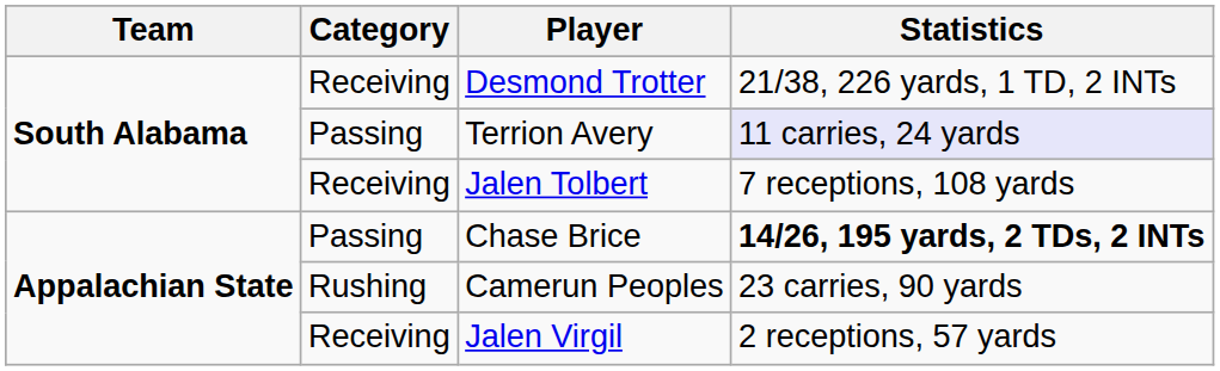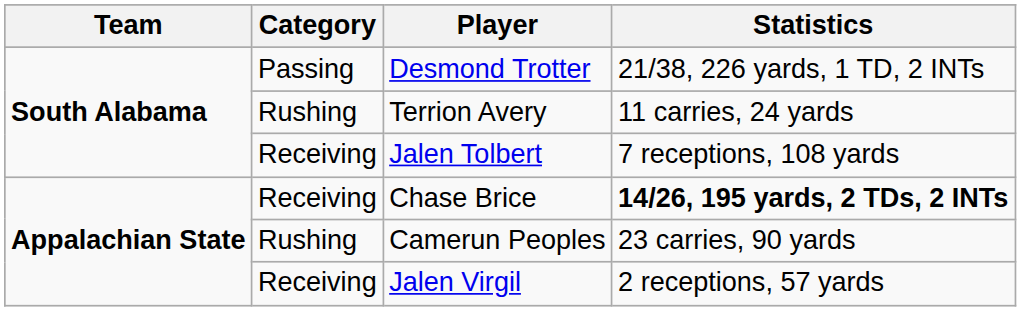 <table class="wikitable" style="float: left;">
 <tr>
 <th>Team</th>
 <th>Category</th>
 <th>Player</th>
 <th>Statistics</th>
 </tr>
 <tr>
 <td rowspan=3><strong>South Alabama</strong></td>
-<td>Receiving</td>
+<td>Passing</td>
 <td><a href='#'>Desmond Trotter</a></td>
 <td>21/38, 226 yards, 1 TD, 2 INTs</td>
 </tr>
 <tr>
-<td>Passing</td>
+<td>Rushing</td>
 <td>Terrion Avery</td>
-<td style="background: lavender;">11 carries, 24 yards</td>
+<td>11 carries, 24 yards</td>
 </tr>
 <tr>
 <td>Receiving</td>
 <td><a href='#'>Jalen Tolbert</a></td>
 <td>7 receptions, 108 yards</td>
 </tr>
 <tr>
 <td rowspan=3><strong>Appalachian State</strong></td>
-<td>Passing</td>
+<td>Receiving</td>
 <td>Chase Brice</td>
 <td><strong>14/26, 195 yards, 2 TDs, 2 INTs</strong></td>
 </tr>
 <tr>
 <td>Rushing</td>
 <td>Camerun Peoples</td>
 <td>23 carries, 90 yards</td>
 </tr>
 <tr>
 <td>Receiving</td>
 <td><a href='#'>Jalen Virgil</a></td>
 <td>2 receptions, 57 yards</td>
 </tr>
 </table>
